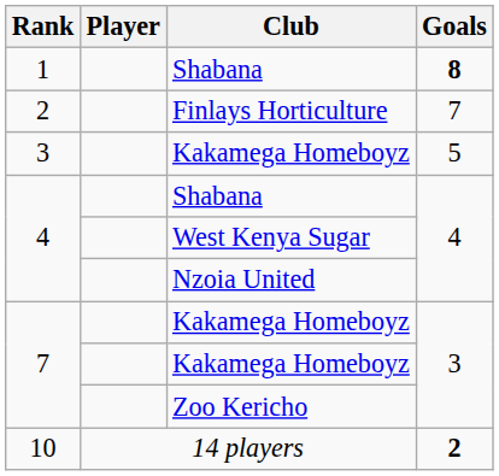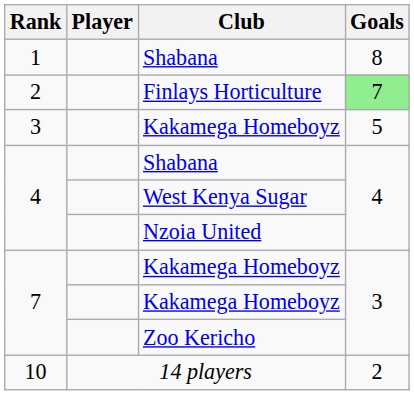 <table class="wikitable sortable">
 <tr>
 <th>Rank</th>
 <th>Player</th>
 <th>Club</th>
 <th>Goals</th>
 </tr>
 <tr>
 <td style="text-align:center;">1</td>
 <td> </td>
 <td><a href='#'>Shabana</a></td>
-<td style="text-align:center;"><strong>8</strong></td>
+<td style="text-align:center;">8</td>
 </tr>
 <tr>
 <td style="text-align:center;">2</td>
 <td> </td>
 <td><a href='#'>Finlays Horticulture</a></td>
-<td style="text-align:center;">7</td>
+<td style="background: lightgreen; text-align:center;">7</td>
 </tr>
 <tr>
 <td style="text-align:center;">3</td>
 <td> </td>
 <td><a href='#'>Kakamega Homeboyz</a></td>
 <td style="text-align:center;">5</td>
 </tr>
 <tr>
 <td rowspan="3" style="text-align:center;">4</td>
 <td> </td>
 <td><a href='#'>Shabana</a></td>
 <td rowspan="3" style="text-align:center;">4</td>
 </tr>
 <tr>
 <td> </td>
 <td><a href='#'>West Kenya Sugar</a></td>
 </tr>
 <tr>
 <td> </td>
 <td><a href='#'>Nzoia United</a></td>
 </tr>
 <tr>
 <td rowspan="3" style="text-align:center;">7</td>
 <td> </td>
 <td><a href='#'>Kakamega Homeboyz</a></td>
 <td rowspan="3" style="text-align:center;">3</td>
 </tr>
 <tr>
 <td> </td>
 <td><a href='#'>Kakamega Homeboyz</a></td>
 </tr>
 <tr>
 <td> </td>
 <td><a href='#'>Zoo Kericho</a></td>
 </tr>
 <tr>
 <td style="text-align:center;">10</td>
 <td colspan="2" style="text-align:center;"><em>14 players</em></td>
-<td style="text-align:center;"><strong>2</strong></td>
+<td style="text-align:center;">2</td>
 </tr>
 </table>
